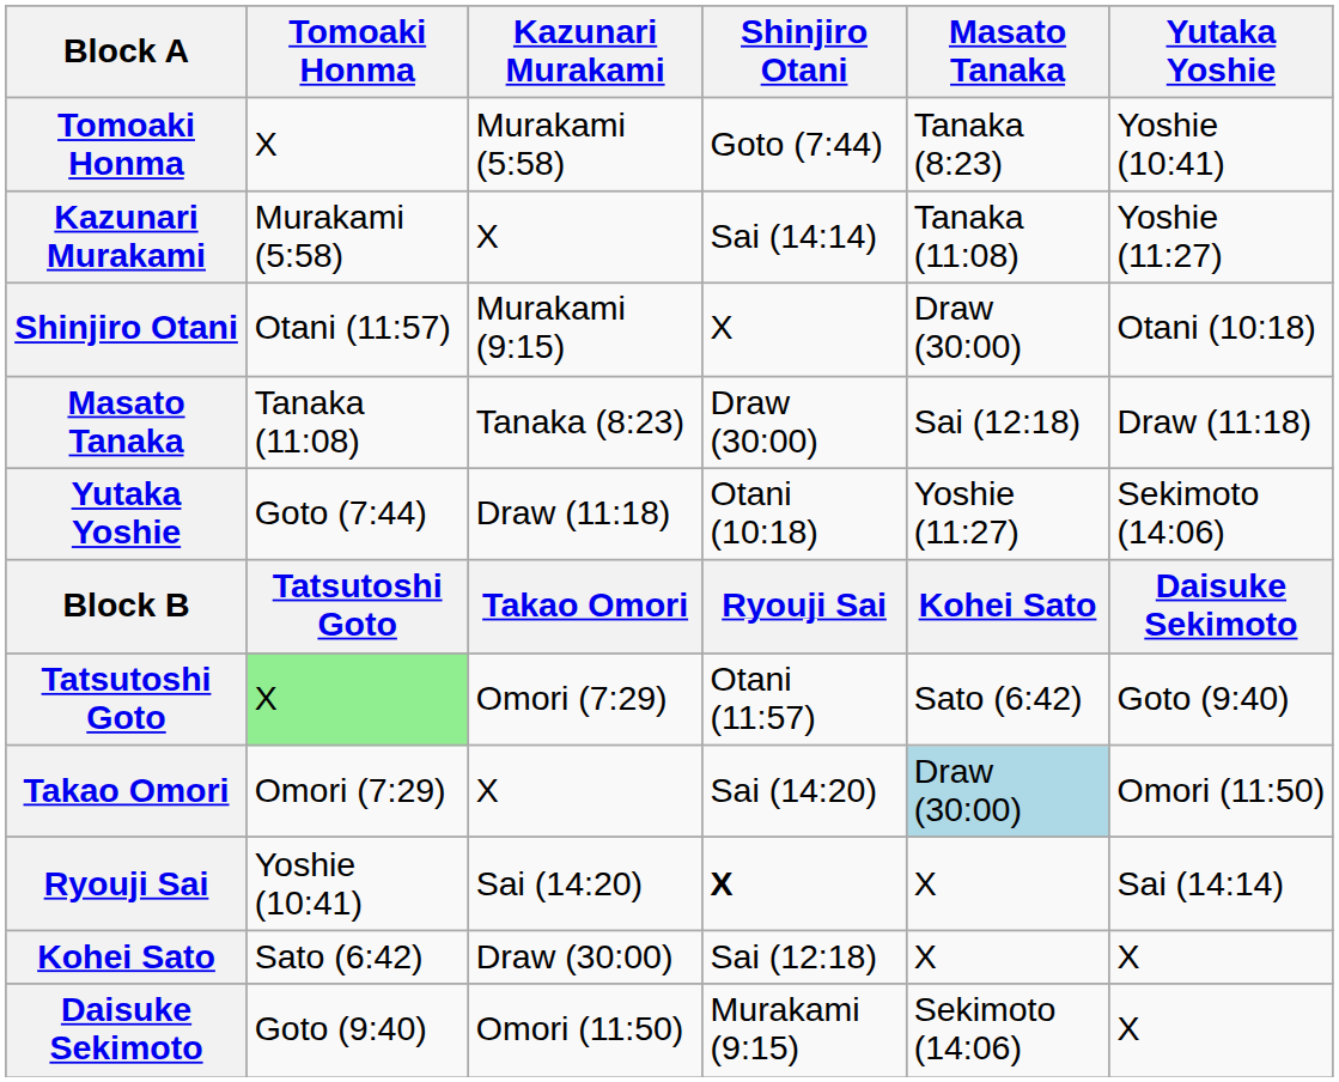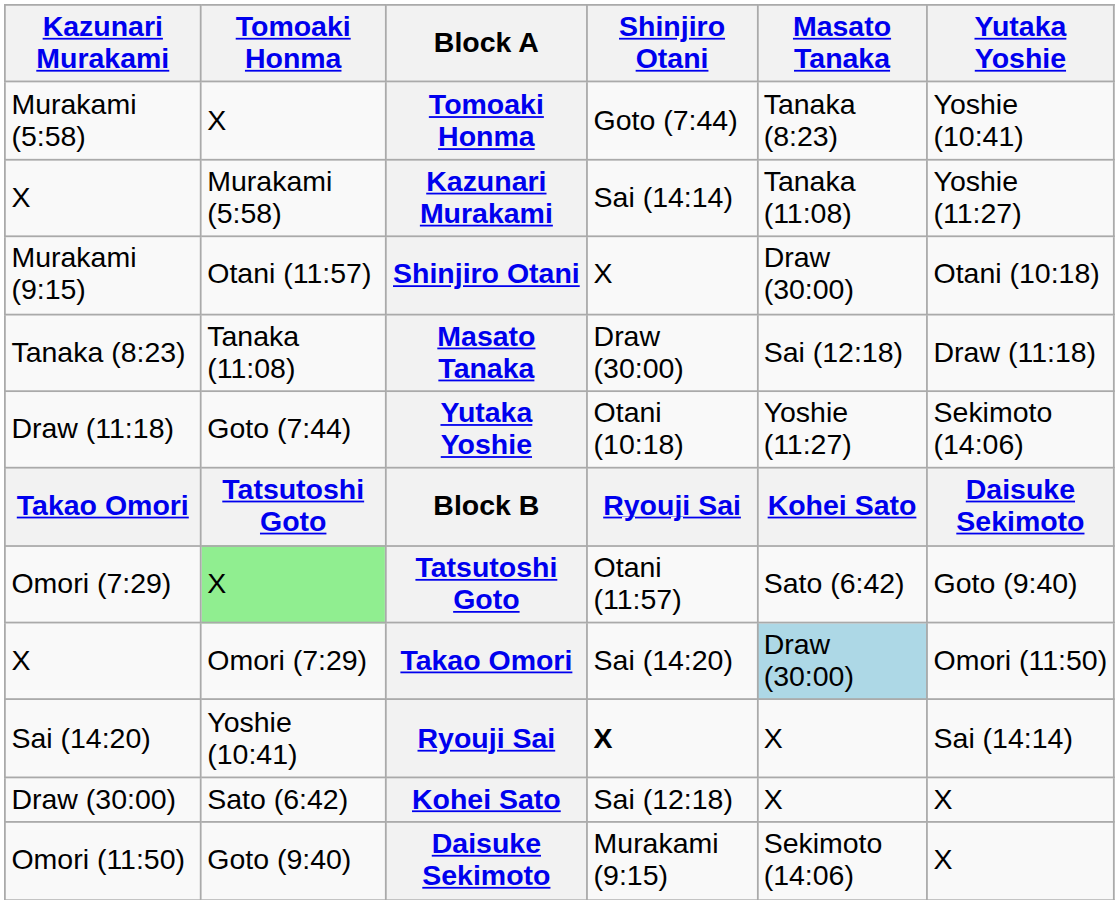 <table class="wikitable" style="margin: 1em auto 1em auto">
 <tr>
+<th><a href='#'>Kazunari Murakami</a></th>
+<th><a href='#'>Tomoaki Honma</a></th>
 <th>Block A</th>
-<th><a href='#'>Tomoaki Honma</a></th>
-<th><a href='#'>Kazunari Murakami</a></th>
 <th><a href='#'>Shinjiro Otani</a></th>
 <th><a href='#'>Masato Tanaka</a></th>
 <th><a href='#'>Yutaka Yoshie</a></th>
 </tr>
 <tr>
+<td>Murakami (5:58)</td>
+<td>X</td>
 <th><a href='#'>Tomoaki Honma</a></th>
-<td>X</td>
-<td>Murakami (5:58)</td>
 <td>Goto (7:44)</td>
 <td>Tanaka (8:23)</td>
 <td>Yoshie (10:41)</td>
 </tr>
 <tr>
+<td>X</td>
+<td>Murakami (5:58)</td>
 <th><a href='#'>Kazunari Murakami</a></th>
-<td>Murakami (5:58)</td>
-<td>X</td>
 <td>Sai (14:14)</td>
 <td>Tanaka (11:08)</td>
 <td>Yoshie (11:27)</td>
 </tr>
 <tr>
+<td>Murakami (9:15)</td>
+<td>Otani (11:57)</td>
 <th><a href='#'>Shinjiro Otani</a></th>
-<td>Otani (11:57)</td>
-<td>Murakami (9:15)</td>
 <td>X</td>
 <td>Draw (30:00)</td>
 <td>Otani (10:18)</td>
 </tr>
 <tr>
+<td>Tanaka (8:23)</td>
+<td>Tanaka (11:08)</td>
 <th><a href='#'>Masato Tanaka</a></th>
-<td>Tanaka (11:08)</td>
-<td>Tanaka (8:23)</td>
 <td>Draw (30:00)</td>
 <td>Sai (12:18)</td>
 <td>Draw (11:18)</td>
 </tr>
 <tr>
+<td>Draw (11:18)</td>
+<td>Goto (7:44)</td>
 <th><a href='#'>Yutaka Yoshie</a></th>
-<td>Goto (7:44)</td>
-<td>Draw (11:18)</td>
 <td>Otani (10:18)</td>
 <td>Yoshie (11:27)</td>
 <td>Sekimoto (14:06)</td>
 </tr>
 <tr>
+<th><a href='#'>Takao Omori</a></th>
+<th><a href='#'>Tatsutoshi Goto</a></th>
 <th>Block B</th>
-<th><a href='#'>Tatsutoshi Goto</a></th>
-<th><a href='#'>Takao Omori</a></th>
 <th><a href='#'>Ryouji Sai</a></th>
 <th><a href='#'>Kohei Sato</a></th>
 <th><a href='#'>Daisuke Sekimoto</a></th>
 </tr>
 <tr>
+<td>Omori (7:29)</td>
+<td style="background: lightgreen;">X</td>
 <th><a href='#'>Tatsutoshi Goto</a></th>
-<td style="background: lightgreen;">X</td>
-<td>Omori (7:29)</td>
 <td>Otani (11:57)</td>
 <td>Sato (6:42)</td>
 <td>Goto (9:40)</td>
 </tr>
 <tr>
+<td>X</td>
+<td>Omori (7:29)</td>
 <th><a href='#'>Takao Omori</a></th>
-<td>Omori (7:29)</td>
-<td>X</td>
 <td>Sai (14:20)</td>
 <td style="background: lightblue;">Draw (30:00)</td>
 <td>Omori (11:50)</td>
 </tr>
 <tr>
+<td>Sai (14:20)</td>
+<td>Yoshie (10:41)</td>
 <th><a href='#'>Ryouji Sai</a></th>
-<td>Yoshie (10:41)</td>
-<td>Sai (14:20)</td>
 <td><strong>X</strong></td>
 <td>X</td>
 <td>Sai (14:14)</td>
 </tr>
 <tr>
+<td>Draw (30:00)</td>
+<td>Sato (6:42)</td>
 <th><a href='#'>Kohei Sato</a></th>
-<td>Sato (6:42)</td>
-<td>Draw (30:00)</td>
 <td>Sai (12:18)</td>
 <td>X</td>
 <td>X</td>
 </tr>
 <tr>
+<td>Omori (11:50)</td>
+<td>Goto (9:40)</td>
 <th><a href='#'>Daisuke Sekimoto</a></th>
-<td>Goto (9:40)</td>
-<td>Omori (11:50)</td>
 <td>Murakami (9:15)</td>
 <td>Sekimoto (14:06)</td>
 <td>X</td>
 </tr>
 </table>
